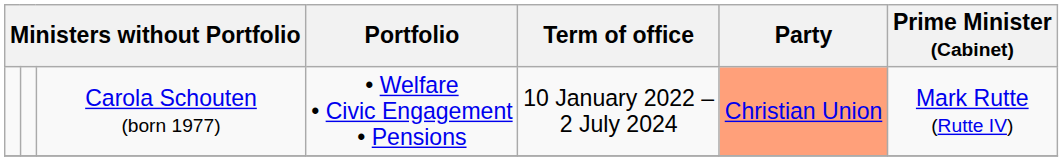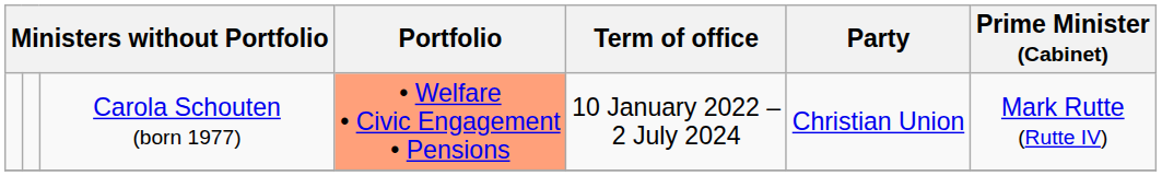 <table class="wikitable" style="text-align:center">
 <tr>
 <th colspan=3>Ministers without Portfolio</th>
 <th>Portfolio</th>
 <th>Term of office</th>
 <th>Party</th>
 <th>Prime Minister <br> <small>(Cabinet)</small></th>
 </tr>
 <tr>
 <td style="background:"></td>
 <td></td>
 <td><a href='#'>Carola Schouten</a> <br> <small>(born 1977)</small> <br> <small></small></td>
-<td>• <a href='#'>Welfare</a> <br> • <a href='#'>Civic Engagement</a> <br> • <a href='#'>Pensions</a></td>
+<td style="background: lightsalmon;">• <a href='#'>Welfare</a> <br> • <a href='#'>Civic Engagement</a> <br> • <a href='#'>Pensions</a></td>
 <td>10 January 2022 – <br> 2 July 2024</td>
-<td style="background: lightsalmon;"><a href='#'>Christian Union</a></td>
+<td><a href='#'>Christian Union</a></td>
 <td><a href='#'>Mark Rutte</a> <br> <small>(<a href='#'>Rutte IV</a>)</small> <br></td>
 </tr>
 <tr>
 </tr>
 </table>
